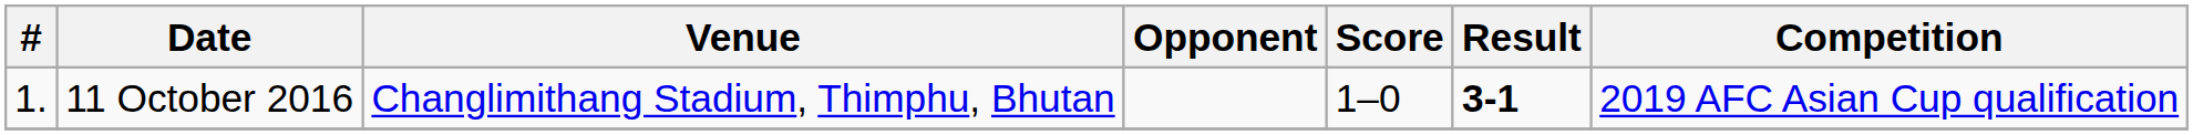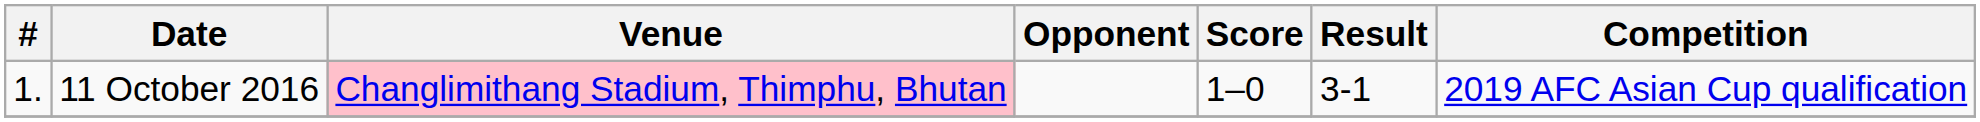 <table class="wikitable" style="font-size:95%;">
 <tr>
 <th>#</th>
 <th>Date</th>
 <th>Venue</th>
 <th>Opponent</th>
 <th>Score</th>
 <th>Result</th>
 <th>Competition</th>
 </tr>
 <tr>
 <td>1.</td>
 <td>11 October 2016</td>
-<td><a href='#'>Changlimithang Stadium</a>, <a href='#'>Thimphu</a>, <a href='#'>Bhutan</a></td>
+<td style="background: pink;"><a href='#'>Changlimithang Stadium</a>, <a href='#'>Thimphu</a>, <a href='#'>Bhutan</a></td>
 <td></td>
 <td>1–0</td>
-<td><strong>3-1</strong></td>
+<td>3-1</td>
 <td><a href='#'>2019 AFC Asian Cup qualification</a></td>
 </tr>
 <tr>
 </tr>
 </table>
